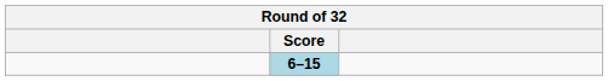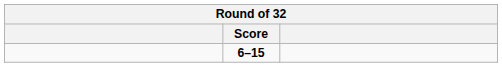 <table class="wikitable" style="text-align: center; font-size:90% ">
 <tr>
 <th colspan=3>Round of 32</th>
 </tr>
 <tr>
 <th align="right" width="250"></th>
 <th width="60">Score</th>
 <th align="left" width="250"></th>
 </tr>
 <tr>
 <td align=left></td>
-<td align=center style="background: lightblue;"><strong>6–15</strong></td>
+<td align=center><strong>6–15</strong></td>
 <td align=left><strong></strong></td>
 </tr>
 </table>
